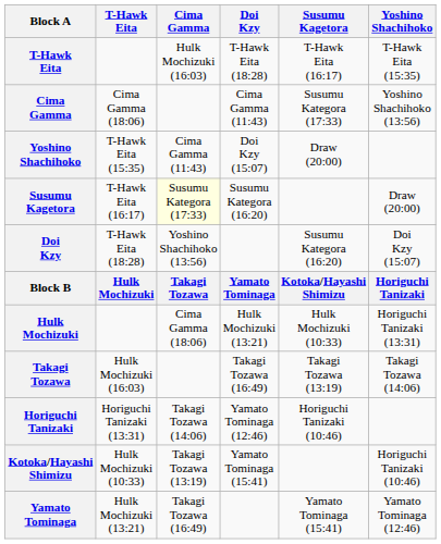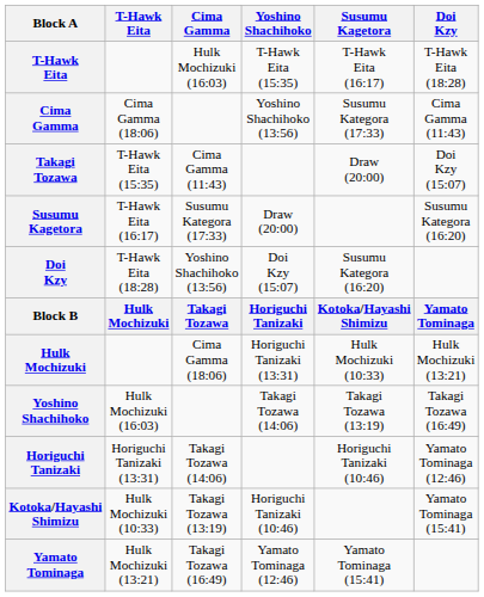 <table class="wikitable" style="margin: 1em auto 1em auto;text-align:center">
 <tr>
 <th>Block A</th>
 <th><a href='#'>T-Hawk</a><br><a href='#'>Eita</a></th>
 <th><a href='#'>Cima</a><br><a href='#'>Gamma</a></th>
+<th><a href='#'>Yoshino</a><br><a href='#'>Shachihoko</a></th>
+<th><a href='#'>Susumu</a><br><a href='#'>Kagetora</a></th>
 <th><a href='#'>Doi</a><br><a href='#'>Kzy</a></th>
-<th><a href='#'>Susumu</a><br><a href='#'>Kagetora</a></th>
-<th><a href='#'>Yoshino</a><br><a href='#'>Shachihoko</a></th>
 </tr>
 <tr>
 <th><a href='#'>T-Hawk</a><br><a href='#'>Eita</a></th>
 <td></td>
 <td>Hulk<br>Mochizuki<br>(16:03)</td>
+<td>T-Hawk<br>Eita<br>(15:35)</td>
+<td>T-Hawk<br>Eita<br>(16:17)</td>
 <td>T-Hawk<br>Eita<br>(18:28)</td>
-<td>T-Hawk<br>Eita<br>(16:17)</td>
-<td>T-Hawk<br>Eita<br>(15:35)</td>
 </tr>
 <tr>
 <th><a href='#'>Cima</a><br> <a href='#'>Gamma</a></th>
 <td>Cima<br>Gamma<br>(18:06)</td>
 <td></td>
+<td>Yoshino<br>Shachihoko<br>(13:56)</td>
+<td>Susumu<br>Kategora<br>(17:33)</td>
 <td>Cima<br>Gamma<br>(11:43)</td>
-<td>Susumu<br>Kategora<br>(17:33)</td>
-<td>Yoshino<br>Shachihoko<br>(13:56)</td>
 </tr>
 <tr>
-<th><a href='#'>Yoshino</a><br><a href='#'>Shachihoko</a></th>
+<th><a href='#'>Takagi</a><br><a href='#'>Tozawa</a></th>
 <td>T-Hawk<br>Eita<br>(15:35)</td>
 <td>Cima<br>Gamma<br>(11:43)</td>
+<td></td>
+<td>Draw<br>(20:00)</td>
 <td>Doi<br>Kzy<br>(15:07)</td>
-<td>Draw<br>(20:00)</td>
-<td></td>
 </tr>
 <tr>
 <th><a href='#'>Susumu</a><br><a href='#'>Kagetora</a></th>
 <td>T-Hawk<br>Eita<br>(16:17)</td>
-<td style="background: lightyellow;">Susumu<br>Kategora<br>(17:33)</td>
+<td>Susumu<br>Kategora<br>(17:33)</td>
+<td>Draw<br>(20:00)</td>
+<td></td>
 <td>Susumu<br>Kategora<br>(16:20)</td>
-<td></td>
-<td>Draw<br>(20:00)</td>
 </tr>
 <tr>
 <th><a href='#'>Doi</a><br><a href='#'>Kzy</a></th>
 <td>T-Hawk<br>Eita<br>(18:28)</td>
 <td>Yoshino<br>Shachihoko<br>(13:56)</td>
+<td>Doi<br>Kzy<br>(15:07)</td>
+<td>Susumu<br>Kategora<br>(16:20)</td>
 <td></td>
-<td>Susumu<br>Kategora<br>(16:20)</td>
-<td>Doi<br>Kzy<br>(15:07)</td>
 </tr>
 <tr>
 <th>Block B</th>
 <th><a href='#'>Hulk</a><br><a href='#'>Mochizuki</a></th>
 <th><a href='#'>Takagi</a><br><a href='#'>Tozawa</a></th>
+<th><a href='#'>Horiguchi</a><br><a href='#'>Tanizaki</a></th>
+<th><a href='#'>Kotoka</a>/<a href='#'>Hayashi</a><br><a href='#'>Shimizu</a></th>
 <th><a href='#'>Yamato</a><br><a href='#'>Tominaga</a></th>
-<th><a href='#'>Kotoka</a>/<a href='#'>Hayashi</a><br><a href='#'>Shimizu</a></th>
-<th><a href='#'>Horiguchi</a><br><a href='#'>Tanizaki</a></th>
 </tr>
 <tr>
 <th><a href='#'>Hulk</a><br><a href='#'>Mochizuki</a></th>
 <td></td>
 <td>Cima<br>Gamma<br>(18:06)</td>
+<td>Horiguchi<br>Tanizaki<br>(13:31)</td>
+<td>Hulk<br>Mochizuki<br>(10:33)</td>
 <td>Hulk<br>Mochizuki<br>(13:21)</td>
-<td>Hulk<br>Mochizuki<br>(10:33)</td>
-<td>Horiguchi<br>Tanizaki<br>(13:31)</td>
 </tr>
 <tr>
-<th><a href='#'>Takagi</a><br><a href='#'>Tozawa</a></th>
+<th><a href='#'>Yoshino</a><br><a href='#'>Shachihoko</a></th>
 <td>Hulk<br>Mochizuki<br>(16:03)</td>
 <td></td>
+<td>Takagi<br>Tozawa<br>(14:06)</td>
+<td>Takagi<br>Tozawa<br>(13:19)</td>
 <td>Takagi<br>Tozawa<br>(16:49)</td>
-<td>Takagi<br>Tozawa<br>(13:19)</td>
-<td>Takagi<br>Tozawa<br>(14:06)</td>
 </tr>
 <tr>
 <th><a href='#'>Horiguchi</a><br><a href='#'>Tanizaki</a></th>
 <td>Horiguchi<br>Tanizaki<br>(13:31)</td>
 <td>Takagi<br>Tozawa<br>(14:06)</td>
+<td></td>
+<td>Horiguchi<br>Tanizaki<br>(10:46)</td>
 <td>Yamato<br>Tominaga<br>(12:46)</td>
-<td>Horiguchi<br>Tanizaki<br>(10:46)</td>
-<td></td>
 </tr>
 <tr>
 <th><a href='#'>Kotoka</a>/<a href='#'>Hayashi</a><br><a href='#'>Shimizu</a></th>
 <td>Hulk<br>Mochizuki<br>(10:33)</td>
 <td>Takagi<br>Tozawa<br>(13:19)</td>
+<td>Horiguchi<br>Tanizaki<br>(10:46)</td>
+<td></td>
 <td>Yamato<br>Tominaga<br>(15:41)</td>
-<td></td>
-<td>Horiguchi<br>Tanizaki<br>(10:46)</td>
 </tr>
 <tr>
 <th><a href='#'>Yamato</a><br><a href='#'>Tominaga</a></th>
 <td>Hulk<br>Mochizuki<br>(13:21)</td>
 <td>Takagi<br>Tozawa<br>(16:49)</td>
+<td>Yamato<br>Tominaga<br>(12:46)</td>
+<td>Yamato<br>Tominaga<br>(15:41)</td>
 <td></td>
-<td>Yamato<br>Tominaga<br>(15:41)</td>
-<td>Yamato<br>Tominaga<br>(12:46)</td>
 </tr>
 </table>
